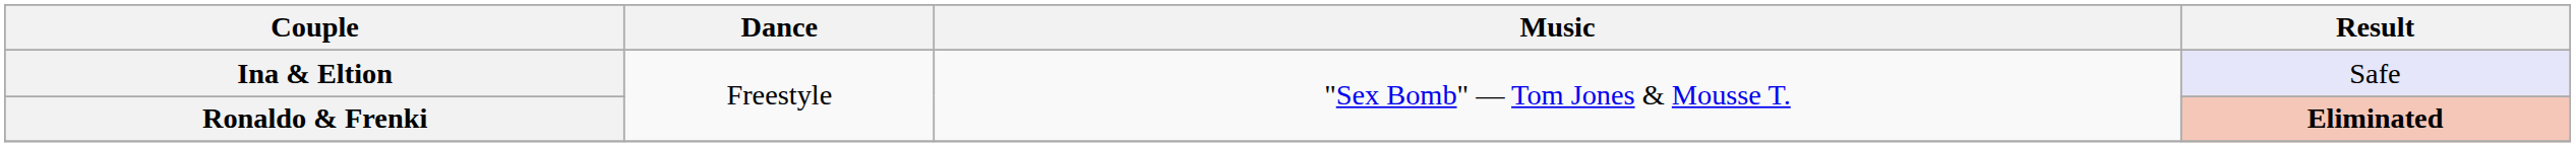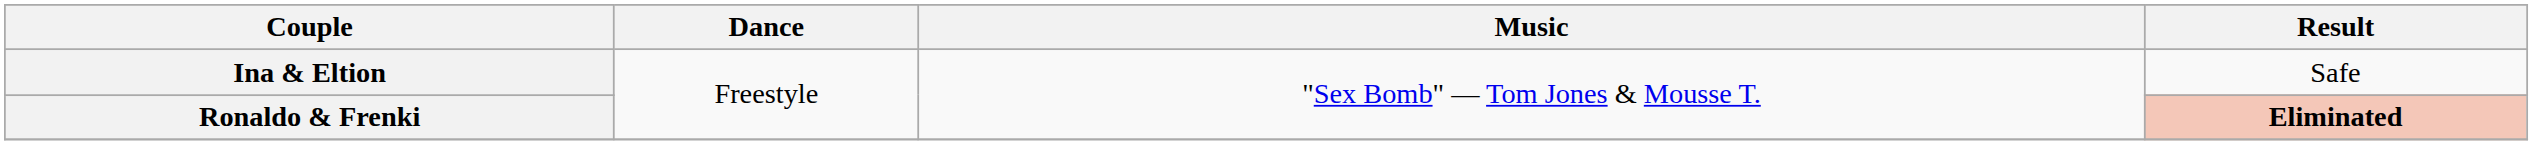 <table class="wikitable sortable" style="text-align:center; width: 90%">
 <tr>
 <th scope="col">Couple</th>
 <th scope="col" class="unsortable">Dance</th>
 <th scope="col" class="unsortable">Music</th>
 <th scope="col" class="unsortable">Result</th>
 </tr>
 <tr>
 <th scope="row">Ina & Eltion</th>
 <td rowspan="2">Freestyle</td>
 <td rowspan="2">"<a href='#'>Sex Bomb</a>" — <a href='#'>Tom Jones</a> & <a href='#'>Mousse T.</a></td>
-<td style="background: lavender;">Safe</td>
+<td>Safe</td>
 </tr>
 <tr>
 <th scope="row">Ronaldo & Frenki</th>
 <td bgcolor= f4c7b8><strong>Eliminated</strong></td>
 </tr>
 <tr>
 </tr>
 </table>
